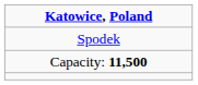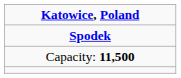 <table class=wikitable style=text-align:center width=210>
 <tr>
 <td><strong> <a href='#'>Katowice</a>, <a href='#'>Poland</a></strong></td>
 </tr>
 <tr>
-<td><a href='#'>Spodek</a></td>
+<td><strong><a href='#'>Spodek</a></strong></td>
 </tr>
 <tr>
 <td>Capacity: <strong>11,500</strong></td>
 </tr>
 <tr>
 <td></td>
 </tr>
 </table>
